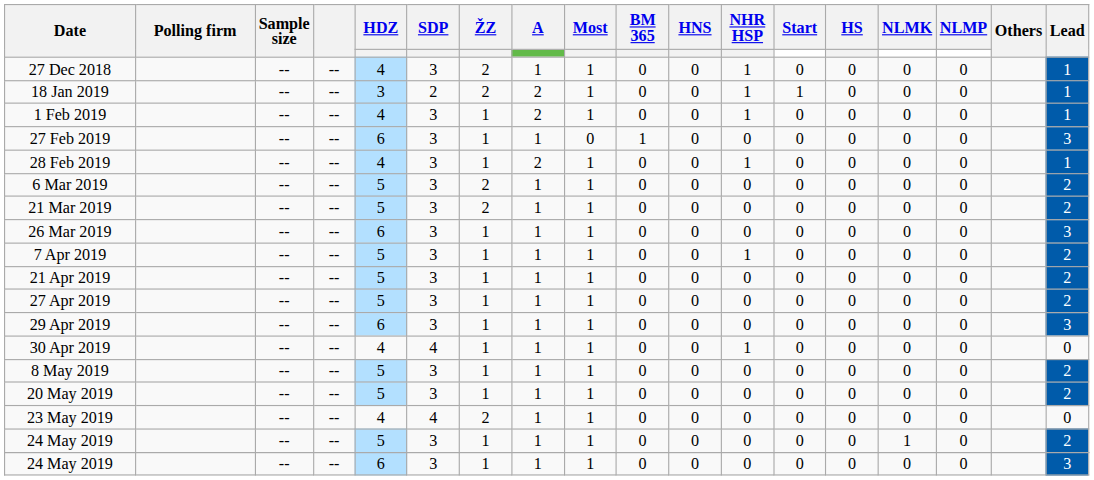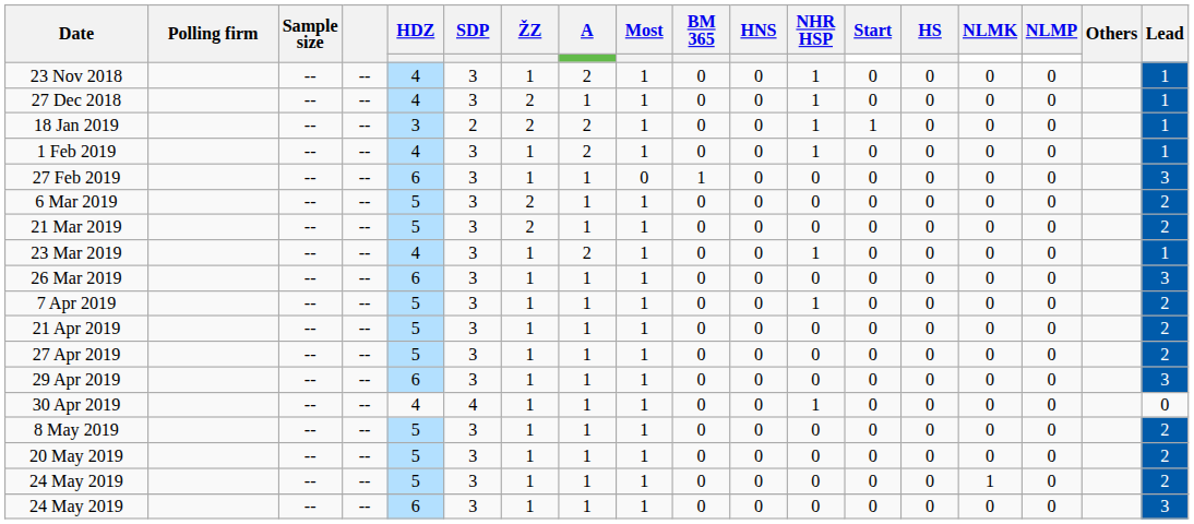 <table class="wikitable" style="text-align:center;font-size:90%;line-height:14px;">
 <tr style="height:40px;">
 <th style="width:110px;" rowspan="2">Date</th>
 <th style="width:100px;" rowspan="2">Polling firm</th>
 <th style="width:35px;" rowspan="2">Sample<br>size</th>
 <th style="width:30px;" rowspan="2"></th>
 <th class="unsortable" style="width:40px;"><a href='#'>HDZ</a></th>
 <th class="unsortable" style="width:40px;"><a href='#'>SDP</a></th>
 <th class="unsortable" style="width:40px;"><a href='#'>ŽZ</a></th>
 <th class="unsortable" style="width:40px;"><a href='#'>A</a></th>
 <th class="unsortable" style="width:40px;"><a href='#'>Most</a></th>
 <th class="unsortable" style="width:40px;"><a href='#'>BM 365</a></th>
 <th class="unsortable" style="width:40px;"><a href='#'>HNS</a></th>
 <th class="unsortable" style="width:40px;"><a href='#'>NHR</a><br><a href='#'>HSP</a></th>
 <th class="unsortable" style="width:40px;"><a href='#'>Start</a></th>
 <th class="unsortable" style="width:40px;"><a href='#'>HS</a></th>
 <th class="unsortable" style="width:40px;"><a href='#'>NLMK</a></th>
 <th class="unsortable" style="width:40px;"><a href='#'>NLMP</a></th>
 <th class="unsortable" style="width:30px;" rowspan="2">Others</th>
 <th class="unsortable" style="width:30px;" rowspan="2">Lead</th>
 </tr>
 <tr>
 <th style="background:"></th>
 <th style="background:"></th>
 <th style="background:"></th>
 <th style="background:#62ba49;"></th>
 <th style="background:"></th>
 <th style="background:"></th>
 <th style="background:"></th>
 <th style="background:"></th>
 <th style="background:#ffffff;"></th>
 <th style="background:"></th>
 <th style="background:#ffffff;"></th>
 <th style="background:#ffffff;"></th>
+</tr>
+<tr>
+<td>23 Nov 2018</td>
+<td> </td>
+<td>--</td>
+<td>--</td>
+<td style="background:#B3E0FF">4</td>
+<td>3</td>
+<td>1</td>
+<td>2</td>
+<td>1</td>
+<td>0</td>
+<td>0</td>
+<td>1</td>
+<td>0</td>
+<td>0</td>
+<td>0</td>
+<td>0</td>
+<td></td>
+<td style="background:#005BAA; color:white;">1</td>
 </tr>
 <tr>
 <td>27 Dec 2018</td>
 <td></td>
 <td>--</td>
 <td>--</td>
 <td style="background:#B3E0FF">4</td>
 <td>3</td>
 <td>2</td>
 <td>1</td>
 <td>1</td>
 <td>0</td>
 <td>0</td>
 <td>1</td>
 <td>0</td>
 <td>0</td>
 <td>0</td>
 <td>0</td>
 <td></td>
 <td style="background:#005BAA; color:white;">1</td>
 </tr>
 <tr>
 <td>18 Jan 2019</td>
 <td></td>
 <td>--</td>
 <td>--</td>
 <td style="background:#B3E0FF">3</td>
 <td>2</td>
 <td>2</td>
 <td>2</td>
 <td>1</td>
 <td>0</td>
 <td>0</td>
 <td>1</td>
 <td>1</td>
 <td>0</td>
 <td>0</td>
 <td>0</td>
 <td></td>
 <td style="background:#005BAA; color:white;">1</td>
 </tr>
 <tr>
 <td>1 Feb 2019</td>
 <td> </td>
 <td>--</td>
 <td>--</td>
 <td style="background:#B3E0FF">4</td>
 <td>3</td>
 <td>1</td>
 <td>2</td>
 <td>1</td>
 <td>0</td>
 <td>0</td>
 <td>1</td>
 <td>0</td>
 <td>0</td>
 <td>0</td>
 <td>0</td>
 <td></td>
 <td style="background:#005BAA; color:white;">1</td>
 </tr>
 <tr>
 <td>27 Feb 2019</td>
 <td></td>
 <td>--</td>
 <td>--</td>
 <td style="background:#B3E0FF">6</td>
 <td>3</td>
 <td>1</td>
 <td>1</td>
 <td>0</td>
 <td>1</td>
 <td>0</td>
 <td>0</td>
 <td>0</td>
 <td>0</td>
 <td>0</td>
 <td>0</td>
 <td></td>
 <td style="background:#005BAA; color:white;">3</td>
 </tr>
 <tr>
-<td>28 Feb 2019</td>
-<td> </td>
-<td>--</td>
-<td>--</td>
-<td style="background:#B3E0FF">4</td>
-<td>3</td>
-<td>1</td>
-<td>2</td>
-<td>1</td>
-<td>0</td>
-<td>0</td>
-<td>1</td>
-<td>0</td>
-<td>0</td>
-<td>0</td>
-<td>0</td>
-<td></td>
-<td style="background:#005BAA; color:white;">1</td>
-</tr>
-<tr>
 <td>6 Mar 2019</td>
 <td></td>
 <td>--</td>
 <td>--</td>
 <td style="background:#B3E0FF">5</td>
 <td>3</td>
 <td>2</td>
 <td>1</td>
 <td>1</td>
 <td>0</td>
 <td>0</td>
 <td>0</td>
 <td>0</td>
 <td>0</td>
 <td>0</td>
 <td>0</td>
 <td></td>
 <td style="background:#005BAA; color:white;">2</td>
 </tr>
 <tr>
 <td>21 Mar 2019</td>
 <td></td>
 <td>--</td>
 <td>--</td>
 <td style="background:#B3E0FF">5</td>
 <td>3</td>
 <td>2</td>
 <td>1</td>
 <td>1</td>
 <td>0</td>
 <td>0</td>
 <td>0</td>
 <td>0</td>
 <td>0</td>
 <td>0</td>
 <td>0</td>
 <td></td>
 <td style="background:#005BAA; color:white;">2</td>
+</tr>
+<tr>
+<td>23 Mar 2019</td>
+<td></td>
+<td>--</td>
+<td>--</td>
+<td style="background:#B3E0FF">4</td>
+<td>3</td>
+<td>1</td>
+<td>2</td>
+<td>1</td>
+<td>0</td>
+<td>0</td>
+<td>1</td>
+<td>0</td>
+<td>0</td>
+<td>0</td>
+<td>0</td>
+<td></td>
+<td style="background:#005BAA; color:white;">1</td>
 </tr>
 <tr>
 <td>26 Mar 2019</td>
 <td></td>
 <td>--</td>
 <td>--</td>
 <td style="background:#B3E0FF">6</td>
 <td>3</td>
 <td>1</td>
 <td>1</td>
 <td>1</td>
 <td>0</td>
 <td>0</td>
 <td>0</td>
 <td>0</td>
 <td>0</td>
 <td>0</td>
 <td>0</td>
 <td></td>
 <td style="background:#005BAA; color:white;">3</td>
 </tr>
 <tr>
 <td>7 Apr 2019</td>
 <td></td>
 <td>--</td>
 <td>--</td>
 <td style="background:#B3E0FF">5</td>
 <td>3</td>
 <td>1</td>
 <td>1</td>
 <td>1</td>
 <td>0</td>
 <td>0</td>
 <td>1</td>
 <td>0</td>
 <td>0</td>
 <td>0</td>
 <td>0</td>
 <td></td>
 <td style="background:#005BAA; color:white;">2</td>
 </tr>
 <tr>
 <td>21 Apr 2019</td>
 <td></td>
 <td>--</td>
 <td>--</td>
 <td style="background:#B3E0FF">5</td>
 <td>3</td>
 <td>1</td>
 <td>1</td>
 <td>1</td>
 <td>0</td>
 <td>0</td>
 <td>0</td>
 <td>0</td>
 <td>0</td>
 <td>0</td>
 <td>0</td>
 <td></td>
 <td style="background:#005BAA; color:white;">2</td>
 </tr>
 <tr>
 <td>27 Apr 2019</td>
 <td></td>
 <td>--</td>
 <td>--</td>
 <td style="background:#B3E0FF">5</td>
 <td>3</td>
 <td>1</td>
 <td>1</td>
 <td>1</td>
 <td>0</td>
 <td>0</td>
 <td>0</td>
 <td>0</td>
 <td>0</td>
 <td>0</td>
 <td>0</td>
 <td></td>
 <td style="background:#005BAA; color:white;">2</td>
 </tr>
 <tr>
 <td>29 Apr 2019</td>
 <td> </td>
 <td>--</td>
 <td>--</td>
 <td style="background:#B3E0FF">6</td>
 <td>3</td>
 <td>1</td>
 <td>1</td>
 <td>1</td>
 <td>0</td>
 <td>0</td>
 <td>0</td>
 <td>0</td>
 <td>0</td>
 <td>0</td>
 <td>0</td>
 <td></td>
 <td style="background:#005BAA; color:white;">3</td>
 </tr>
 <tr>
 <td>30 Apr 2019</td>
 <td> </td>
 <td>--</td>
 <td>--</td>
 <td>4</td>
 <td>4</td>
 <td>1</td>
 <td>1</td>
 <td>1</td>
 <td>0</td>
 <td>0</td>
 <td>1</td>
 <td>0</td>
 <td>0</td>
 <td>0</td>
 <td>0</td>
 <td></td>
 <td>0</td>
 </tr>
 <tr>
 <td>8 May 2019</td>
 <td></td>
 <td>--</td>
 <td>--</td>
 <td style="background:#B3E0FF">5</td>
 <td>3</td>
 <td>1</td>
 <td>1</td>
 <td>1</td>
 <td>0</td>
 <td>0</td>
 <td>0</td>
 <td>0</td>
 <td>0</td>
 <td>0</td>
 <td>0</td>
 <td></td>
 <td style="background:#005BAA; color:white;">2</td>
 </tr>
 <tr>
 <td>20 May 2019</td>
 <td> </td>
 <td>--</td>
 <td>--</td>
 <td style="background:#B3E0FF">5</td>
 <td>3</td>
 <td>1</td>
 <td>1</td>
 <td>1</td>
 <td>0</td>
 <td>0</td>
 <td>0</td>
 <td>0</td>
 <td>0</td>
 <td>0</td>
 <td>0</td>
 <td></td>
 <td style="background:#005BAA; color:white;">2</td>
 </tr>
 <tr>
-<td>23 May 2019</td>
-<td></td>
-<td>--</td>
-<td>--</td>
-<td>4</td>
-<td>4</td>
-<td>2</td>
-<td>1</td>
-<td>1</td>
-<td>0</td>
-<td>0</td>
-<td>0</td>
-<td>0</td>
-<td>0</td>
-<td>0</td>
-<td>0</td>
-<td></td>
-<td>0</td>
-</tr>
-<tr>
 <td>24 May 2019</td>
 <td></td>
 <td>--</td>
 <td>--</td>
 <td style="background:#B3E0FF">5</td>
 <td>3</td>
 <td>1</td>
 <td>1</td>
 <td>1</td>
 <td>0</td>
 <td>0</td>
 <td>0</td>
 <td>0</td>
 <td>0</td>
 <td>1</td>
 <td>0</td>
 <td></td>
 <td style="background:#005BAA; color:white;">2</td>
 </tr>
 <tr>
 </tr>
 <tr>
 <td>24 May 2019</td>
 <td> </td>
 <td>--</td>
 <td>--</td>
 <td style="background:#B3E0FF">6</td>
 <td>3</td>
 <td>1</td>
 <td>1</td>
 <td>1</td>
 <td>0</td>
 <td>0</td>
 <td>0</td>
 <td>0</td>
 <td>0</td>
 <td>0</td>
 <td>0</td>
 <td></td>
 <td style="background:#005BAA; color:white;">3</td>
 </tr>
 </table>
